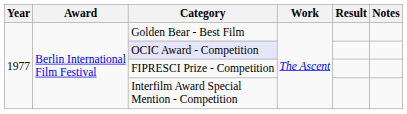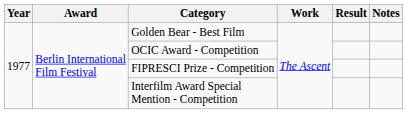 <table class="wikitable">
 <tr>
 <th>Year</th>
 <th>Award</th>
 <th>Category</th>
 <th>Work</th>
 <th>Result</th>
 <th>Notes</th>
 </tr>
 <tr>
 <td rowspan="4">1977</td>
 <td rowspan="4"><a href='#'>Berlin International</a><br><a href='#'>Film Festival</a></td>
 <td>Golden Bear - Best Film</td>
 <td rowspan="4"><em><a href='#'>The Ascent</a></em></td>
 <td></td>
 <td></td>
 </tr>
 <tr>
-<td style="background: lavender;">OCIC Award - Competition</td>
+<td>OCIC Award - Competition</td>
 <td></td>
 <td></td>
 </tr>
 <tr>
 <td>FIPRESCI Prize - Competition</td>
 <td></td>
 <td></td>
 </tr>
 <tr>
 <td>Interfilm Award Special<br>Mention - Competition</td>
 <td></td>
 <td></td>
 </tr>
 </table>
